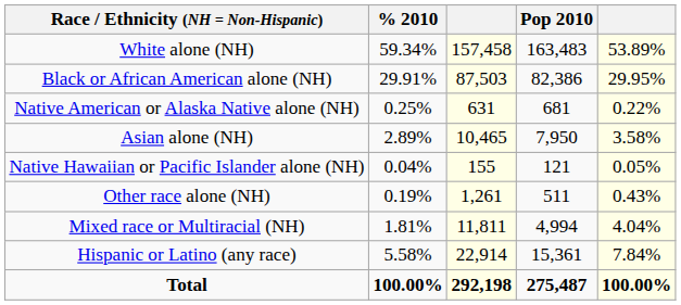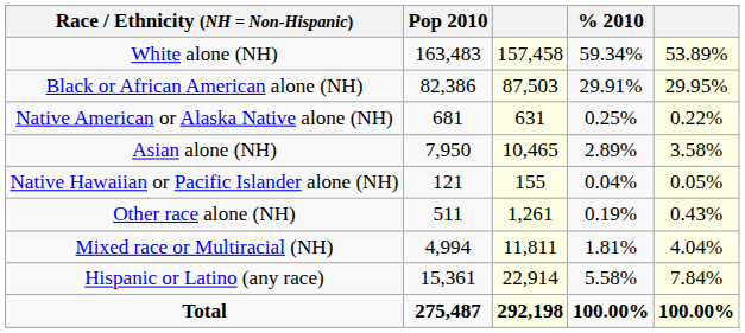 <table class="wikitable" style="text-align:center;">
 <tr>
 <th>Race / Ethnicity <small>(<em>NH = Non-Hispanic</em>)</small></th>
+<th>Pop 2010</th>
+<th></th>
 <th>% 2010</th>
-<th></th>
-<th>Pop 2010</th>
 <th></th>
 </tr>
 <tr>
 <td><a href='#'>White</a> alone (NH)</td>
+<td>163,483</td>
+<td style='background: #ffffe6;'>157,458</td>
 <td>59.34%</td>
-<td style='background: #ffffe6;'>157,458</td>
-<td>163,483</td>
 <td style='background: #ffffe6;'>53.89%</td>
 </tr>
 <tr>
 <td><a href='#'>Black or African American</a> alone (NH)</td>
+<td>82,386</td>
+<td style='background: #ffffe6;'>87,503</td>
 <td>29.91%</td>
-<td style='background: #ffffe6;'>87,503</td>
-<td>82,386</td>
 <td style='background: #ffffe6;'>29.95%</td>
 </tr>
 <tr>
 <td><a href='#'>Native American</a> or <a href='#'>Alaska Native</a> alone (NH)</td>
+<td>681</td>
+<td style='background: #ffffe6;'>631</td>
 <td>0.25%</td>
-<td style='background: #ffffe6;'>631</td>
-<td>681</td>
 <td style='background: #ffffe6;'>0.22%</td>
 </tr>
 <tr>
 <td><a href='#'>Asian</a> alone (NH)</td>
+<td>7,950</td>
+<td style='background: #ffffe6;'>10,465</td>
 <td>2.89%</td>
-<td style='background: #ffffe6;'>10,465</td>
-<td>7,950</td>
 <td style='background: #ffffe6;'>3.58%</td>
 </tr>
 <tr>
 <td><a href='#'>Native Hawaiian</a> or <a href='#'>Pacific Islander</a> alone (NH)</td>
+<td>121</td>
+<td style='background: #ffffe6;'>155</td>
 <td>0.04%</td>
-<td style='background: #ffffe6;'>155</td>
-<td>121</td>
 <td style='background: #ffffe6;'>0.05%</td>
 </tr>
 <tr>
 <td><a href='#'>Other race</a> alone (NH)</td>
+<td>511</td>
+<td style='background: #ffffe6;'>1,261</td>
 <td>0.19%</td>
-<td style='background: #ffffe6;'>1,261</td>
-<td>511</td>
 <td style='background: #ffffe6;'>0.43%</td>
 </tr>
 <tr>
 <td><a href='#'>Mixed race or Multiracial</a> (NH)</td>
+<td>4,994</td>
+<td style='background: #ffffe6;'>11,811</td>
 <td>1.81%</td>
-<td style='background: #ffffe6;'>11,811</td>
-<td>4,994</td>
 <td style='background: #ffffe6;'>4.04%</td>
 </tr>
 <tr>
 <td><a href='#'>Hispanic or Latino</a> (any race)</td>
+<td>15,361</td>
+<td style='background: #ffffe6;'>22,914</td>
 <td>5.58%</td>
-<td style='background: #ffffe6;'>22,914</td>
-<td>15,361</td>
 <td style='background: #ffffe6;'>7.84%</td>
 </tr>
 <tr>
 <td><strong>Total</strong></td>
+<td><strong>275,487</strong></td>
+<td style='background: #ffffe6;'><strong>292,198</strong></td>
 <td><strong>100.00%</strong></td>
-<td style='background: #ffffe6;'><strong>292,198</strong></td>
-<td><strong>275,487</strong></td>
 <td style='background: #ffffe6;'><strong>100.00%</strong></td>
 </tr>
 </table>
